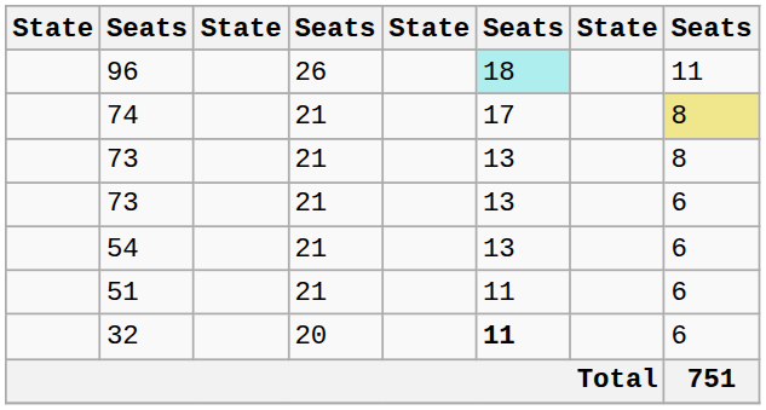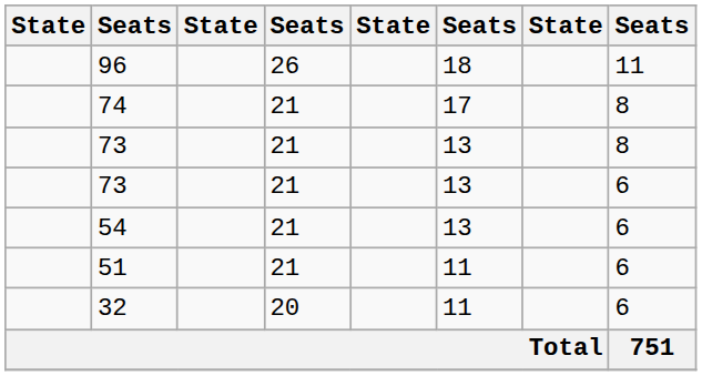 <table class="wikitable">
 <tr>
 <th>State</th>
 <th>Seats</th>
 <th>State</th>
 <th>Seats</th>
 <th>State</th>
 <th>Seats</th>
 <th>State</th>
 <th>Seats</th>
 </tr>
 <tr>
 <td></td>
 <td>96</td>
 <td></td>
 <td>26</td>
 <td></td>
-<td style="background: paleturquoise;">18</td>
+<td>18</td>
 <td></td>
 <td>11</td>
 </tr>
 <tr>
 <td></td>
 <td>74</td>
 <td></td>
 <td>21</td>
 <td></td>
 <td>17</td>
 <td></td>
-<td style="background: khaki;">8</td>
+<td>8</td>
 </tr>
 <tr>
 <td></td>
 <td>73</td>
 <td></td>
 <td>21</td>
 <td></td>
 <td>13</td>
 <td></td>
 <td>8</td>
 </tr>
 <tr>
 <td></td>
 <td>73</td>
 <td></td>
 <td>21</td>
 <td></td>
 <td>13</td>
 <td></td>
 <td>6</td>
 </tr>
 <tr>
 <td></td>
 <td>54</td>
 <td></td>
 <td>21</td>
 <td></td>
 <td>13</td>
 <td></td>
 <td>6</td>
 </tr>
 <tr>
 <td></td>
 <td>51</td>
 <td></td>
 <td>21</td>
 <td></td>
 <td>11</td>
 <td></td>
 <td>6</td>
 </tr>
 <tr>
 <td></td>
 <td>32</td>
 <td></td>
 <td>20</td>
 <td></td>
-<td><strong>11</strong></td>
+<td>11</td>
 <td></td>
 <td>6</td>
 </tr>
 <tr>
 <th colspan="7" style ="text-align:right;">Total</th>
 <th>751</th>
 </tr>
 <tr>
 </tr>
 </table>
